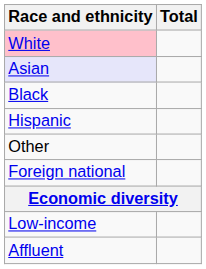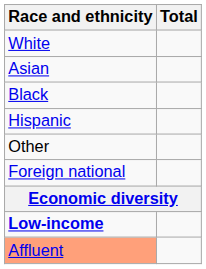 <table class="wikitable floatright sortable collapsible"; text-align:right; font-size:80%;">
 <tr>
 <th>Race and ethnicity</th>
 <th colspan="2" data-sort-type=number>Total</th>
 </tr>
 <tr>
-<td style="background: pink;"><a href='#'>White</a></td>
+<td><a href='#'>White</a></td>
 <td align=right></td>
 </tr>
 <tr>
-<td style="background: lavender;"><a href='#'>Asian</a></td>
+<td><a href='#'>Asian</a></td>
 <td align=right></td>
 </tr>
 <tr>
 <td><a href='#'>Black</a></td>
 <td align=right></td>
 </tr>
 <tr>
 <td><a href='#'>Hispanic</a></td>
 <td align=right></td>
 </tr>
 <tr>
 <td>Other</td>
 <td align=right></td>
 </tr>
 <tr>
 <td><a href='#'>Foreign national</a></td>
 <td align=right></td>
 </tr>
 <tr>
 <th colspan="4" data-sort-type=number><a href='#'>Economic diversity</a></th>
 </tr>
 <tr>
-<td><a href='#'>Low-income</a></td>
+<td><strong><a href='#'>Low-income</a></strong></td>
 <td align=right></td>
 </tr>
 <tr>
-<td><a href='#'>Affluent</a></td>
+<td style="background: lightsalmon;"><a href='#'>Affluent</a></td>
 <td align=right></td>
 </tr>
 </table>
